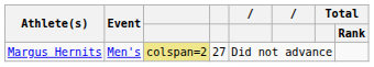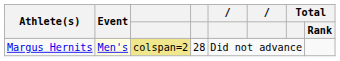 <table class="wikitable" style="font-size:90%">
 <tr>
 <th rowspan="2">Athlete(s)</th>
 <th rowspan="2">Event</th>
 <th></th>
 <th></th>
 <th>/</th>
 <th>/</th>
 <th colspan="2">Total</th>
 </tr>
 <tr>
 <th></th>
 <th></th>
 <th></th>
 <th></th>
 <th></th>
 <th>Rank</th>
 </tr>
 <tr align="center">
 <td align="left"><a href='#'>Margus Hernits</a></td>
-<td align="left"><a href='#'>Men's</a></td>
+<td align="left" style="background: lightyellow;"><a href='#'>Men's</a></td>
 <td style="background: khaki;">colspan=2 </td>
-<td>27</td>
+<td>28</td>
 <td colspan=3>Did not advance</td>
 </tr>
 </table>
